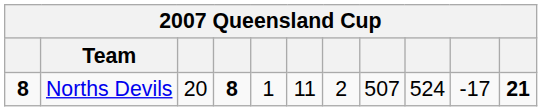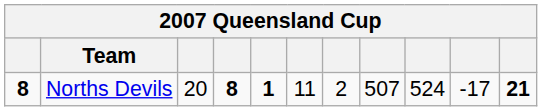 <table class="wikitable" style="text-align:center;">
 <tr>
 <th colspan="11">2007 Queensland Cup</th>
 </tr>
 <tr>
 <th width="20"></th>
 <th>Team</th>
 <th width="20"></th>
 <th width="20"></th>
 <th width="20"></th>
 <th width="20"></th>
 <th width="20"></th>
 <th width="25"></th>
 <th width="25"></th>
 <th width="30"></th>
 <th width="20"></th>
 </tr>
 <tr style="background:">
 <td><strong>8</strong></td>
 <td style="text-align:left;"> <a href='#'>Norths Devils</a></td>
 <td>20</td>
 <td><strong>8</strong></td>
-<td>1</td>
+<td><strong>1</strong></td>
 <td>11</td>
 <td>2</td>
 <td>507</td>
 <td>524</td>
 <td>-17</td>
 <td><strong>21</strong></td>
 </tr>
 </table>
